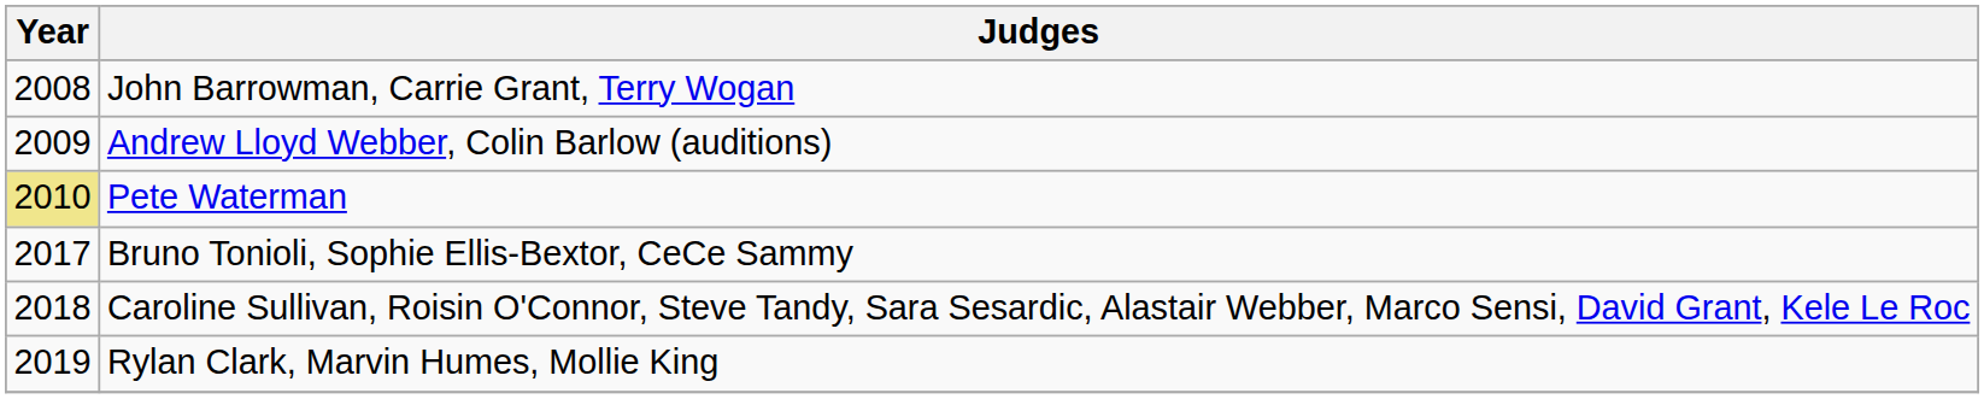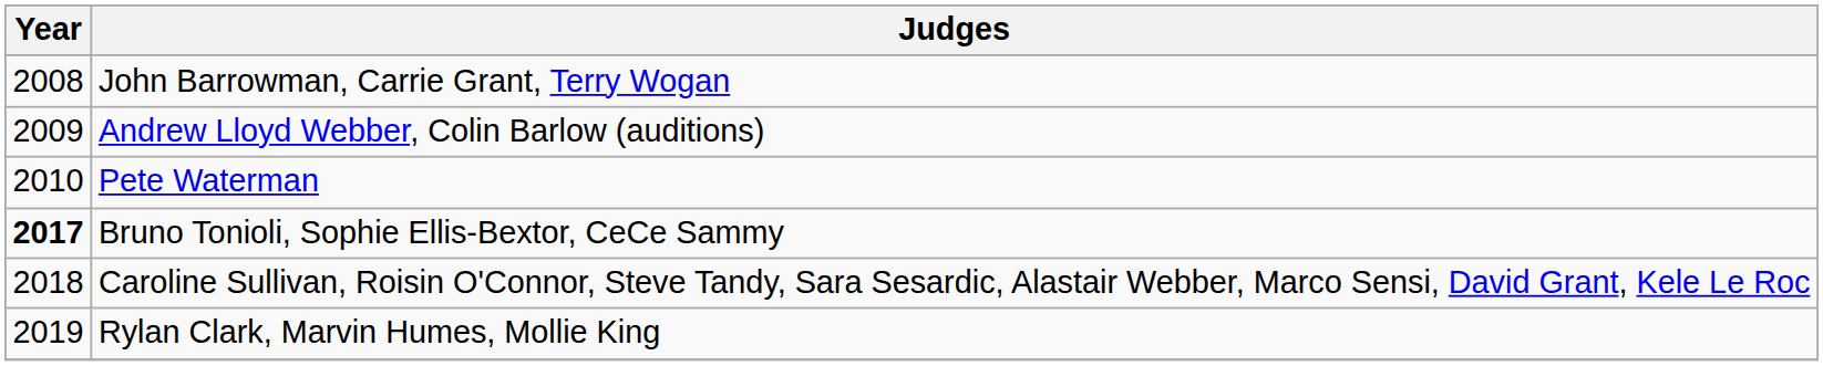 <table class="wikitable">
 <tr>
 <th>Year</th>
 <th>Judges</th>
 </tr>
 <tr>
 <td>2008</td>
 <td>John Barrowman, Carrie Grant, <a href='#'>Terry Wogan</a></td>
 </tr>
 <tr>
 <td>2009</td>
 <td><a href='#'>Andrew Lloyd Webber</a>, Colin Barlow (auditions)</td>
 </tr>
 <tr>
-<td style="background: khaki;">2010</td>
+<td>2010</td>
 <td><a href='#'>Pete Waterman</a></td>
 </tr>
 <tr>
-<td>2017</td>
+<td><strong>2017</strong></td>
 <td>Bruno Tonioli, Sophie Ellis-Bextor, CeCe Sammy</td>
 </tr>
 <tr>
 <td>2018</td>
 <td>Caroline Sullivan, Roisin O'Connor, Steve Tandy, Sara Sesardic, Alastair Webber, Marco Sensi, <a href='#'>David Grant</a>, <a href='#'>Kele Le Roc</a></td>
 </tr>
 <tr>
 <td>2019</td>
 <td>Rylan Clark, Marvin Humes, Mollie King</td>
 </tr>
 <tr>
 </tr>
 </table>
